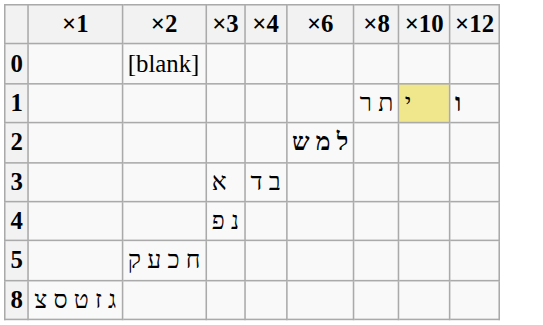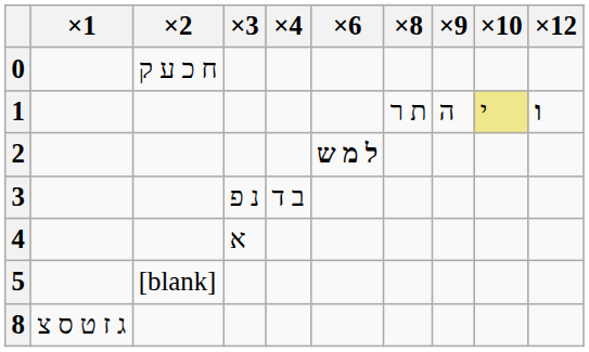 <table class="wikitable floatright" >
 <tr>
 <th></th>
 <th>×1</th>
 <th>×2</th>
 <th>×3</th>
 <th>×4</th>
 <th>×6</th>
 <th>×8</th>
+<th>×9</th>
 <th>×10</th>
 <th>×12</th>
 </tr>
 <tr>
 <th>0</th>
 <td></td>
-<td>[blank]</td>
+<td>ח כ ע ק</td>
+<td></td>
 <td></td>
 <td></td>
 <td></td>
 <td></td>
 <td></td>
 <td></td>
 </tr>
 <tr>
 <th>1</th>
 <td></td>
 <td></td>
 <td></td>
 <td></td>
 <td></td>
 <td>‎ת ר</td>
+<td>ה‎</td>
 <td style="background: khaki;">י‎</td>
 <td><strong>ו</strong></td>
 </tr>
 <tr>
 <th>2</th>
 <td></td>
 <td></td>
 <td></td>
 <td></td>
 <td><strong>ל מ ש</strong></td>
 <td></td>
 <td></td>
 <td></td>
+<td></td>
 </tr>
 <tr>
 <th>3</th>
 <td></td>
 <td></td>
-<td>א‎</td>
+<td>נ פ</td>
 <td>‎ב ד</td>
+<td></td>
 <td></td>
 <td></td>
 <td></td>
 <td></td>
 </tr>
 <tr>
 <th>4</th>
 <td></td>
 <td></td>
-<td>נ פ</td>
+<td>א‎</td>
+<td></td>
 <td></td>
 <td></td>
 <td></td>
 <td></td>
 <td></td>
 </tr>
 <tr>
 <th>5</th>
 <td></td>
-<td>ח כ ע ק</td>
+<td>[blank]</td>
+<td></td>
 <td></td>
 <td></td>
 <td></td>
 <td></td>
 <td></td>
 <td></td>
 </tr>
 <tr>
 <th>8</th>
 <td>ג ז ט ס צ</td>
 <td></td>
 <td></td>
 <td></td>
 <td></td>
 <td></td>
 <td></td>
 <td></td>
+<td></td>
 </tr>
 </table>
